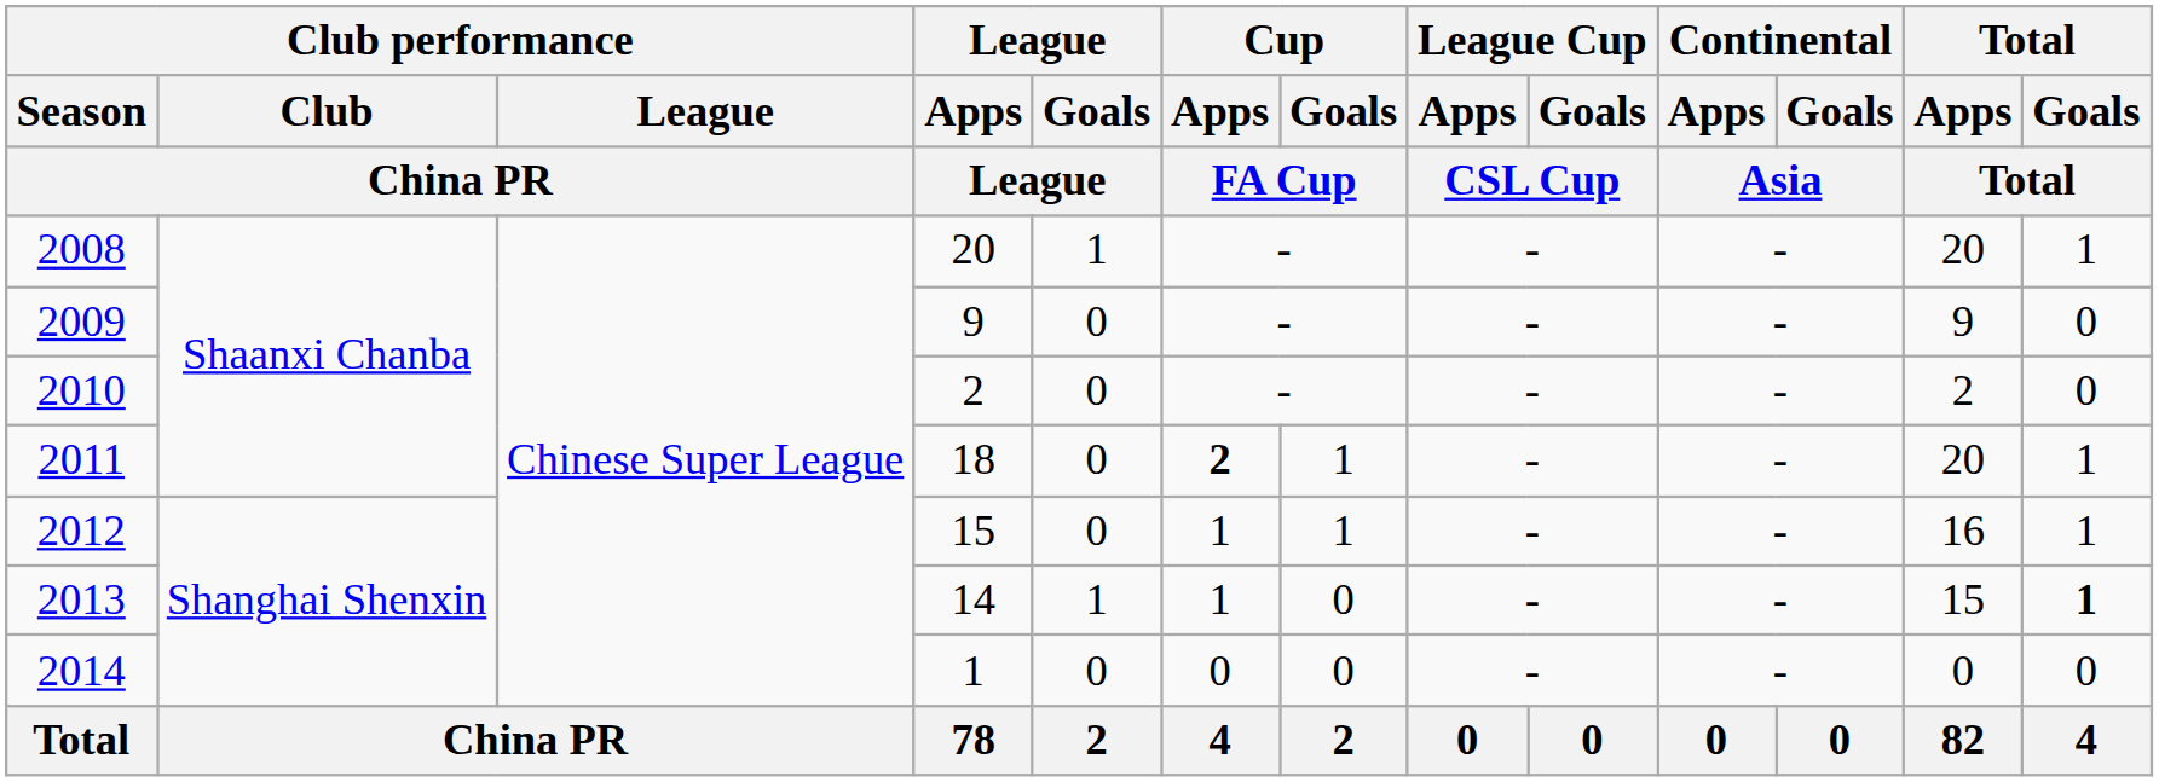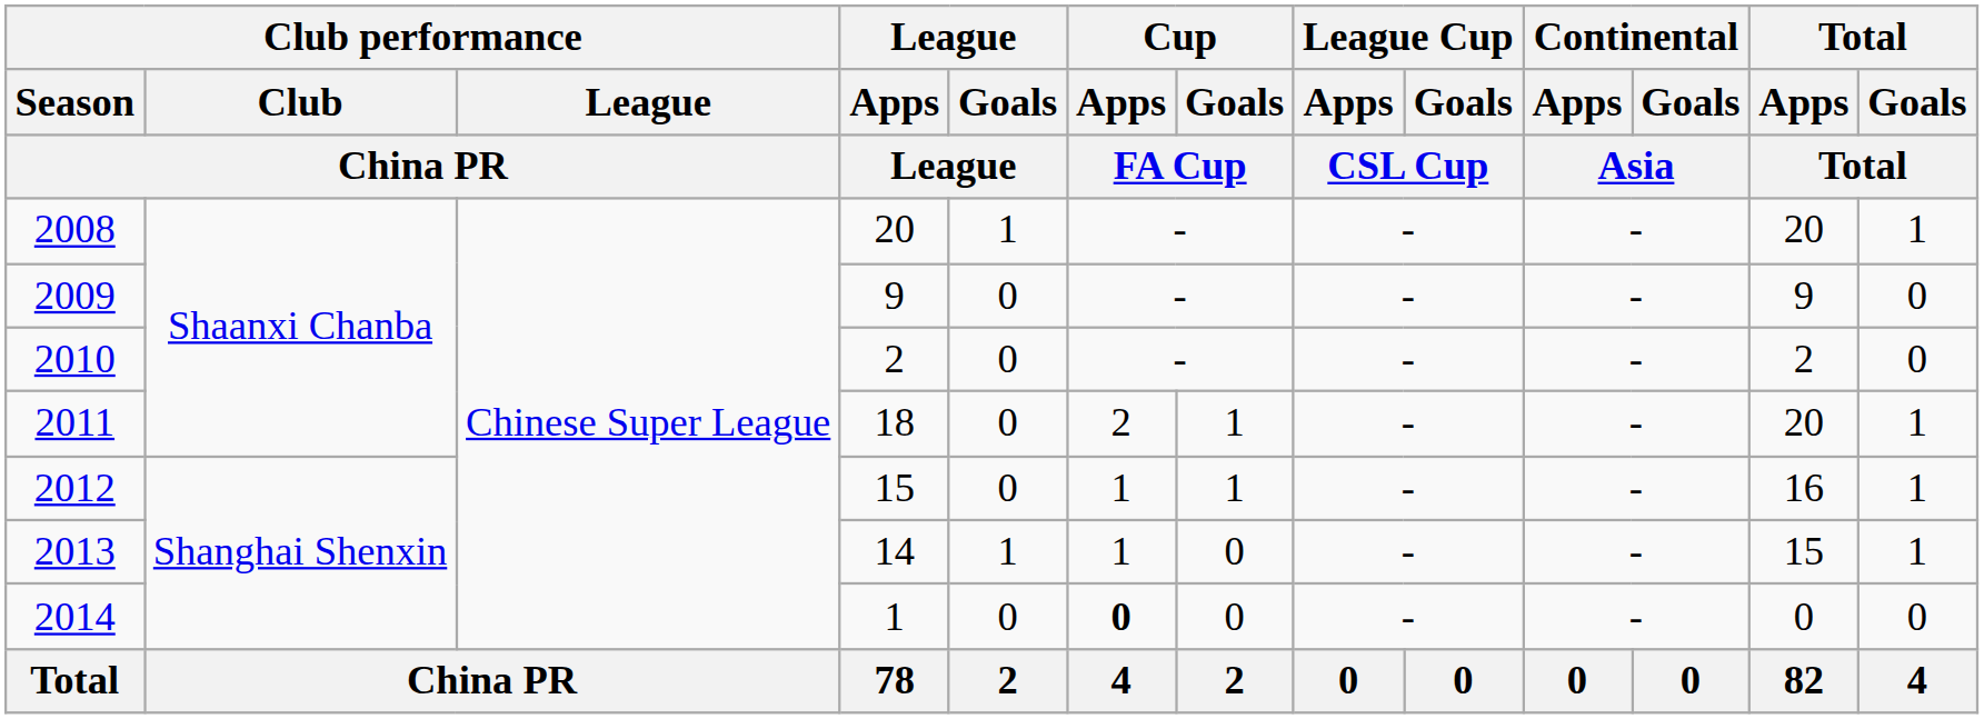 <table class="wikitable" style="text-align:center">
 <tr>
 <th colspan=3>Club performance</th>
 <th colspan=2>League</th>
 <th colspan=2>Cup</th>
 <th colspan=2>League Cup</th>
 <th colspan=2>Continental</th>
 <th colspan=2>Total</th>
 </tr>
 <tr>
 <th>Season</th>
 <th>Club</th>
 <th>League</th>
 <th>Apps</th>
 <th>Goals</th>
 <th>Apps</th>
 <th>Goals</th>
 <th>Apps</th>
 <th>Goals</th>
 <th>Apps</th>
 <th>Goals</th>
 <th>Apps</th>
 <th>Goals</th>
 </tr>
 <tr>
 <th colspan=3>China PR</th>
 <th colspan=2>League</th>
 <th colspan=2><a href='#'>FA Cup</a></th>
 <th colspan=2><a href='#'>CSL Cup</a></th>
 <th colspan=2><a href='#'>Asia</a></th>
 <th colspan=2>Total</th>
 </tr>
 <tr>
 <td><a href='#'>2008</a></td>
 <td rowspan="4"><a href='#'>Shaanxi Chanba</a></td>
 <td rowspan="7"><a href='#'>Chinese Super League</a></td>
 <td>20</td>
 <td>1</td>
 <td colspan="2">-</td>
 <td colspan="2">-</td>
 <td colspan="2">-</td>
 <td>20</td>
 <td>1</td>
 </tr>
 <tr>
 <td><a href='#'>2009</a></td>
 <td>9</td>
 <td>0</td>
 <td colspan="2">-</td>
 <td colspan="2">-</td>
 <td colspan="2">-</td>
 <td>9</td>
 <td>0</td>
 </tr>
 <tr>
 <td><a href='#'>2010</a></td>
 <td>2</td>
 <td>0</td>
 <td colspan="2">-</td>
 <td colspan="2">-</td>
 <td colspan="2">-</td>
 <td>2</td>
 <td>0</td>
 </tr>
 <tr>
 <td><a href='#'>2011</a></td>
 <td>18</td>
 <td>0</td>
-<td><strong>2</strong></td>
+<td>2</td>
 <td>1</td>
 <td colspan="2">-</td>
 <td colspan="2">-</td>
 <td>20</td>
 <td>1</td>
 </tr>
 <tr>
 <td><a href='#'>2012</a></td>
 <td rowspan="3"><a href='#'>Shanghai Shenxin</a></td>
 <td>15</td>
 <td>0</td>
 <td>1</td>
 <td>1</td>
 <td colspan="2">-</td>
 <td colspan="2">-</td>
 <td>16</td>
 <td>1</td>
 </tr>
 <tr>
 <td><a href='#'>2013</a></td>
 <td>14</td>
 <td>1</td>
 <td>1</td>
 <td>0</td>
 <td colspan="2">-</td>
 <td colspan="2">-</td>
 <td>15</td>
-<td><strong>1</strong></td>
+<td>1</td>
 </tr>
 <tr>
 <td><a href='#'>2014</a></td>
 <td>1</td>
 <td>0</td>
-<td>0</td>
+<td><strong>0</strong></td>
 <td>0</td>
 <td colspan="2">-</td>
 <td colspan="2">-</td>
 <td>0</td>
 <td>0</td>
 </tr>
 <tr>
 <th rowspan=3>Total</th>
 <th colspan=2>China PR</th>
 <th>78</th>
 <th>2</th>
 <th>4</th>
 <th>2</th>
 <th>0</th>
 <th>0</th>
 <th>0</th>
 <th>0</th>
 <th>82</th>
 <th>4</th>
 </tr>
 </table>
